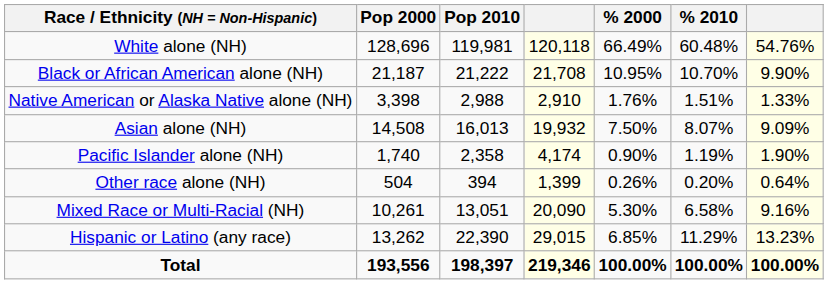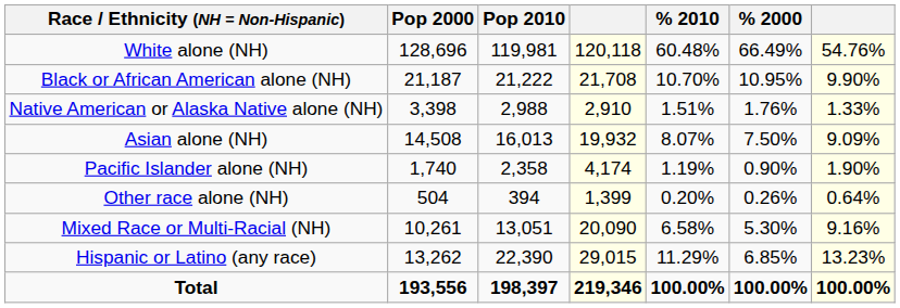 <table class="wikitable" style="text-align:center;">
 <tr>
 <th>Race / Ethnicity <small>(<em>NH = Non-Hispanic</em>)</small></th>
 <th>Pop 2000</th>
 <th>Pop 2010</th>
 <th></th>
+<th>% 2010</th>
 <th>% 2000</th>
-<th>% 2010</th>
 <th></th>
 </tr>
 <tr>
 <td><a href='#'>White</a> alone (NH)</td>
 <td>128,696</td>
 <td>119,981</td>
 <td style='background: #ffffe6;'>120,118</td>
+<td>60.48%</td>
 <td>66.49%</td>
-<td>60.48%</td>
 <td style='background: #ffffe6;'>54.76%</td>
 </tr>
 <tr>
 <td><a href='#'>Black or African American</a> alone (NH)</td>
 <td>21,187</td>
 <td>21,222</td>
 <td style='background: #ffffe6;'>21,708</td>
+<td>10.70%</td>
 <td>10.95%</td>
-<td>10.70%</td>
 <td style='background: #ffffe6;'>9.90%</td>
 </tr>
 <tr>
 <td><a href='#'>Native American</a> or <a href='#'>Alaska Native</a> alone (NH)</td>
 <td>3,398</td>
 <td>2,988</td>
 <td style='background: #ffffe6;'>2,910</td>
+<td>1.51%</td>
 <td>1.76%</td>
-<td>1.51%</td>
 <td style='background: #ffffe6;'>1.33%</td>
 </tr>
 <tr>
 <td><a href='#'>Asian</a> alone (NH)</td>
 <td>14,508</td>
 <td>16,013</td>
 <td style='background: #ffffe6;'>19,932</td>
+<td>8.07%</td>
 <td>7.50%</td>
-<td>8.07%</td>
 <td style='background: #ffffe6;'>9.09%</td>
 </tr>
 <tr>
 <td><a href='#'>Pacific Islander</a> alone (NH)</td>
 <td>1,740</td>
 <td>2,358</td>
 <td style='background: #ffffe6;'>4,174</td>
+<td>1.19%</td>
 <td>0.90%</td>
-<td>1.19%</td>
 <td style='background: #ffffe6;'>1.90%</td>
 </tr>
 <tr>
 <td><a href='#'>Other race</a> alone (NH)</td>
 <td>504</td>
 <td>394</td>
 <td style='background: #ffffe6;'>1,399</td>
+<td>0.20%</td>
 <td>0.26%</td>
-<td>0.20%</td>
 <td style='background: #ffffe6;'>0.64%</td>
 </tr>
 <tr>
 <td><a href='#'>Mixed Race or Multi-Racial</a> (NH)</td>
 <td>10,261</td>
 <td>13,051</td>
 <td style='background: #ffffe6;'>20,090</td>
+<td>6.58%</td>
 <td>5.30%</td>
-<td>6.58%</td>
 <td style='background: #ffffe6;'>9.16%</td>
 </tr>
 <tr>
 <td><a href='#'>Hispanic or Latino</a> (any race)</td>
 <td>13,262</td>
 <td>22,390</td>
 <td style='background: #ffffe6;'>29,015</td>
+<td>11.29%</td>
 <td>6.85%</td>
-<td>11.29%</td>
 <td style='background: #ffffe6;'>13.23%</td>
 </tr>
 <tr>
 <td><strong>Total</strong></td>
 <td><strong>193,556</strong></td>
 <td><strong>198,397</strong></td>
 <td style='background: #ffffe6;'><strong>219,346</strong></td>
 <td><strong>100.00%</strong></td>
 <td><strong>100.00%</strong></td>
 <td style='background: #ffffe6;'><strong>100.00%</strong></td>
 </tr>
 </table>
